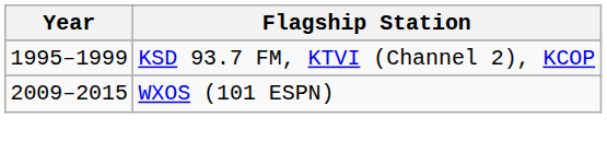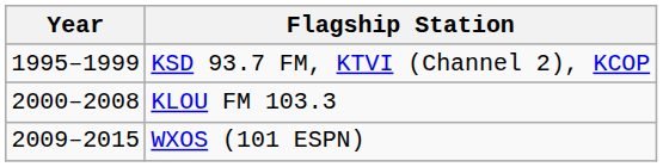 <table class="wikitable">
 <tr>
 <th>Year</th>
 <th>Flagship Station</th>
 </tr>
 <tr>
 <td>1995–1999</td>
 <td><a href='#'>KSD</a> 93.7 FM, <a href='#'>KTVI</a> (Channel 2), <a href='#'>KCOP</a></td>
 </tr>
 <tr>
+<td>2000–2008</td>
+<td><a href='#'>KLOU</a> FM 103.3</td>
+</tr>
+<tr>
 <td>2009–2015</td>
 <td><a href='#'>WXOS</a> (101 ESPN)</td>
 </tr>
 </table>
